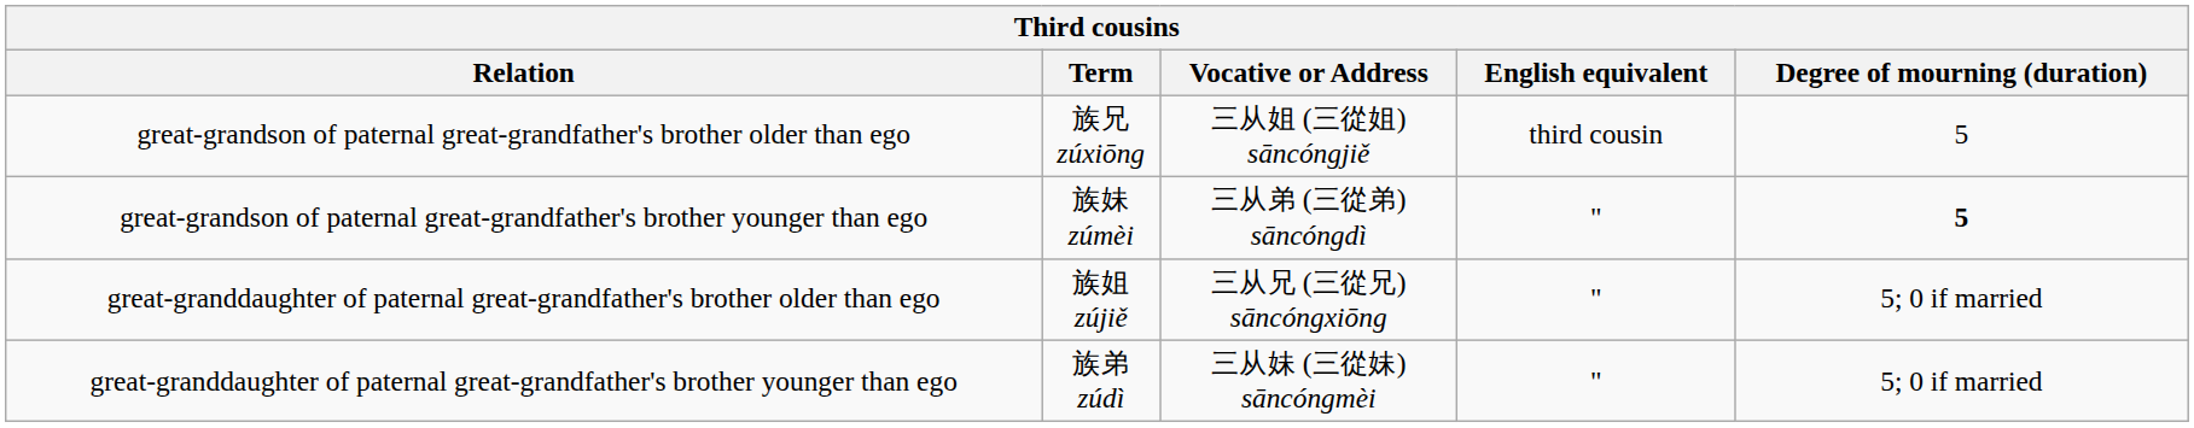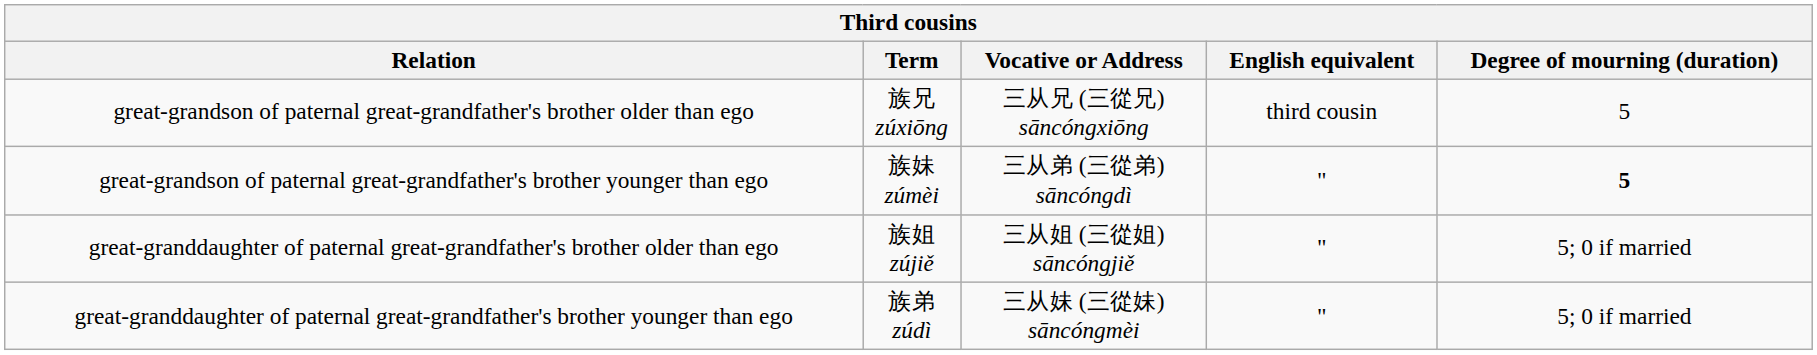 <table class="collapsible wikitable collapsed" style="width: 98%; border: #999 solid 1px; text-align: center; margin-bottom: 0;">
 <tr>
 <th colspan="5">Third cousins</th>
 </tr>
 <tr>
 <th>Relation</th>
 <th>Term</th>
 <th>Vocative or Address</th>
 <th>English equivalent</th>
 <th>Degree of mourning (duration)</th>
 </tr>
 <tr>
 <td>great-grandson of paternal great-grandfather's brother older than ego</td>
 <td>族兄<br><em>zúxiōng</em></td>
-<td>三从姐 (三從姐) <br><em>sāncóngjiě</em></td>
+<td>三从兄 (三從兄) <br><em>sāncóngxiōng</em></td>
 <td>third cousin</td>
 <td>5</td>
 </tr>
 <tr>
 <td>great-grandson of paternal great-grandfather's brother younger than ego</td>
 <td>族妹 <br><em>zúmèi</em></td>
 <td>三从弟 (三從弟) <br><em>sāncóngdì</em></td>
 <td>"</td>
 <td><strong>5</strong></td>
 </tr>
 <tr>
 <td>great-granddaughter of paternal great-grandfather's brother older than ego</td>
 <td>族姐 <br><em>zújiě</em></td>
-<td>三从兄 (三從兄) <br><em>sāncóngxiōng</em></td>
+<td>三从姐 (三從姐) <br><em>sāncóngjiě</em></td>
 <td>"</td>
 <td>5; 0 if married</td>
 </tr>
 <tr>
 <td>great-granddaughter of paternal great-grandfather's brother younger than ego</td>
 <td>族弟 <br><em>zúdì</em></td>
 <td>三从妹 (三從妹) <br><em>sāncóngmèi</em></td>
 <td>"</td>
 <td>5; 0 if married</td>
 </tr>
 </table>
